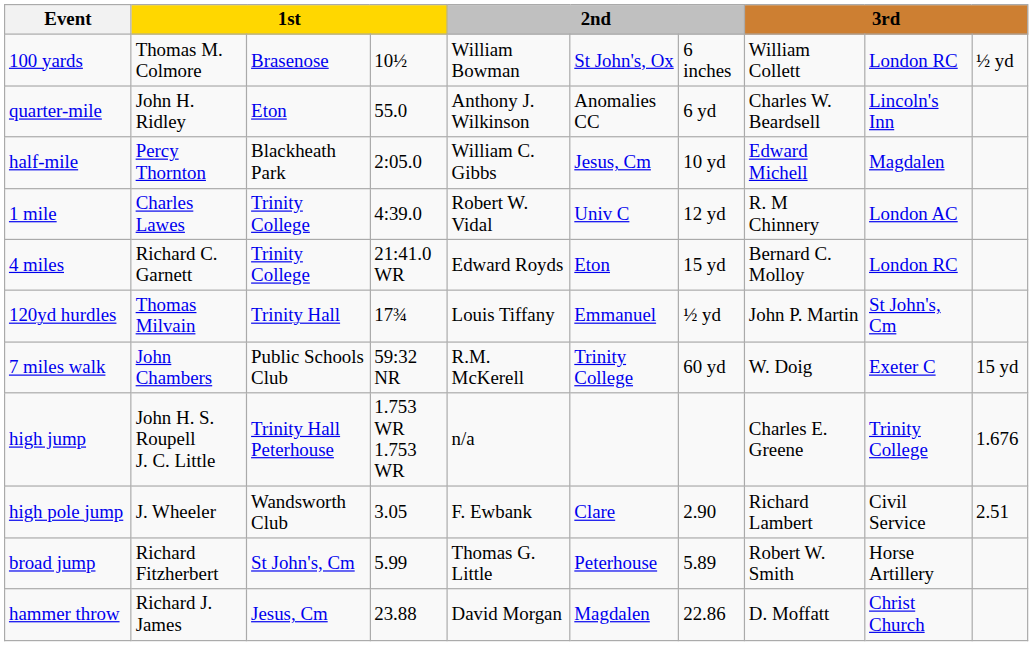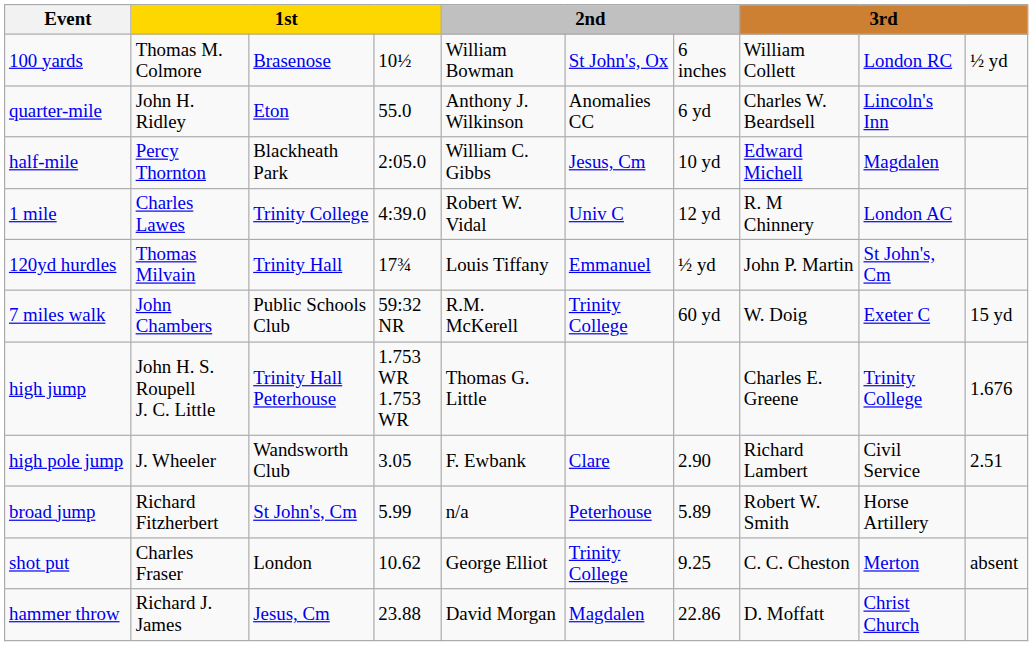 <table class="wikitable" style="text-align:left">
 <tr>
 <th width=100>Event</th>
 <th colspan="3" width="380" style="background:gold;">1st</th>
 <th colspan="3" width="380" style="background:silver;">2nd</th>
 <th colspan="3" width="380" style="background:#CD7F32;">3rd</th>
 </tr>
 <tr>
 <td><a href='#'>100 yards</a></td>
 <td>Thomas M. Colmore</td>
 <td><a href='#'>Brasenose</a></td>
 <td>10½</td>
 <td>William Bowman</td>
 <td><a href='#'>St John's, Ox</a></td>
 <td>6 inches</td>
 <td>William Collett</td>
 <td><a href='#'>London RC</a></td>
 <td>½ yd</td>
 </tr>
 <tr>
 <td><a href='#'>quarter-mile</a></td>
 <td>John H. Ridley</td>
 <td><a href='#'>Eton</a></td>
 <td>55.0</td>
 <td>Anthony J. Wilkinson</td>
 <td>Anomalies CC</td>
 <td>6 yd</td>
 <td>Charles W. Beardsell</td>
 <td><a href='#'>Lincoln's Inn</a></td>
 <td></td>
 </tr>
 <tr>
 <td><a href='#'>half-mile</a></td>
 <td><a href='#'>Percy Thornton</a></td>
 <td>Blackheath Park</td>
 <td>2:05.0</td>
 <td>William C. Gibbs</td>
 <td><a href='#'>Jesus, Cm</a></td>
 <td>10 yd</td>
 <td><a href='#'>Edward Michell</a></td>
 <td><a href='#'>Magdalen</a></td>
 <td></td>
 </tr>
 <tr>
 <td><a href='#'>1 mile</a></td>
 <td><a href='#'>Charles Lawes</a></td>
 <td><a href='#'>Trinity College</a></td>
 <td>4:39.0</td>
 <td>Robert W. Vidal</td>
 <td><a href='#'>Univ C</a></td>
 <td>12 yd</td>
 <td>R. M Chinnery</td>
 <td><a href='#'>London AC</a></td>
 <td></td>
 </tr>
 <tr>
-<td><a href='#'>4 miles</a></td>
-<td>Richard C. Garnett</td>
-<td><a href='#'>Trinity College</a></td>
-<td>21:41.0 WR</td>
-<td>Edward Royds</td>
-<td><a href='#'>Eton</a></td>
-<td>15 yd</td>
-<td>Bernard C. Molloy</td>
-<td><a href='#'>London RC</a></td>
-<td></td>
-</tr>
-<tr>
 <td><a href='#'>120yd hurdles</a></td>
 <td><a href='#'>Thomas Milvain</a></td>
 <td><a href='#'>Trinity Hall</a></td>
 <td>17¾</td>
 <td> Louis Tiffany</td>
 <td><a href='#'>Emmanuel</a></td>
 <td>½ yd</td>
 <td>John P. Martin</td>
 <td><a href='#'>St John's, Cm</a></td>
 <td></td>
 </tr>
 <tr>
 <td><a href='#'>7 miles walk</a></td>
 <td><a href='#'>John Chambers</a></td>
 <td>Public Schools Club</td>
 <td>59:32 NR</td>
 <td>R.M. McKerell</td>
 <td><a href='#'>Trinity College</a></td>
 <td>60 yd</td>
 <td>W. Doig</td>
 <td><a href='#'>Exeter C</a></td>
 <td>15 yd</td>
 </tr>
 <tr>
 <td><a href='#'>high jump</a></td>
 <td>John H. S. Roupell<br>J. C. Little</td>
 <td><a href='#'>Trinity Hall</a><br><a href='#'>Peterhouse</a></td>
 <td>1.753 WR<br>1.753 WR</td>
-<td>n/a</td>
+<td>Thomas G. Little</td>
 <td></td>
 <td></td>
 <td>Charles E. Greene</td>
 <td><a href='#'>Trinity College</a></td>
 <td>1.676</td>
 </tr>
 <tr>
 <td><a href='#'>high pole jump</a></td>
 <td>J. Wheeler</td>
 <td>Wandsworth Club</td>
 <td>3.05</td>
 <td>F. Ewbank</td>
 <td><a href='#'>Clare</a></td>
 <td>2.90</td>
 <td>Richard Lambert</td>
 <td>Civil Service</td>
 <td>2.51</td>
 </tr>
 <tr>
 <td><a href='#'>broad jump</a></td>
 <td>Richard Fitzherbert</td>
 <td><a href='#'>St John's, Cm</a></td>
 <td>5.99</td>
-<td>Thomas G. Little</td>
+<td>n/a</td>
 <td><a href='#'>Peterhouse</a></td>
 <td>5.89</td>
 <td>Robert W. Smith</td>
 <td>Horse Artillery</td>
 <td></td>
+</tr>
+<tr>
+<td><a href='#'>shot put</a></td>
+<td>Charles Fraser</td>
+<td>London</td>
+<td>10.62</td>
+<td>George Elliot</td>
+<td><a href='#'>Trinity College</a></td>
+<td>9.25</td>
+<td>C. C. Cheston</td>
+<td><a href='#'>Merton</a></td>
+<td>absent</td>
 </tr>
 <tr>
 <td><a href='#'>hammer throw</a></td>
 <td>Richard J. James</td>
 <td><a href='#'>Jesus, Cm</a></td>
 <td>23.88</td>
 <td>David Morgan</td>
 <td><a href='#'>Magdalen</a></td>
 <td>22.86</td>
 <td>D. Moffatt</td>
 <td><a href='#'>Christ Church</a></td>
 <td></td>
 </tr>
 </table>
